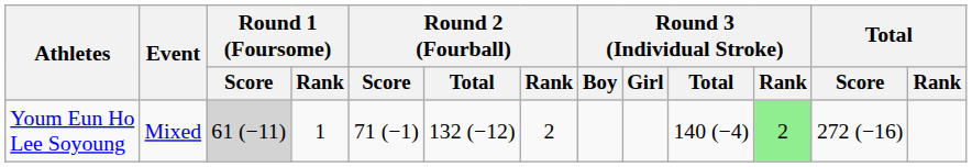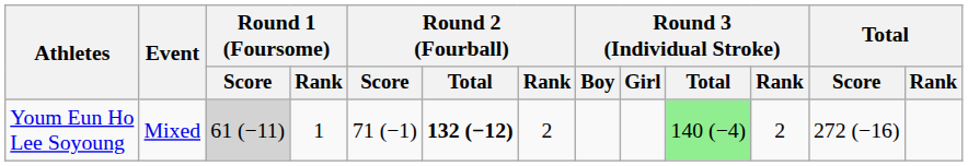 <table class="wikitable" style="font-size:90%">
 <tr>
 <th rowspan="2">Athletes</th>
 <th rowspan="2">Event</th>
 <th colspan="2">Round 1<br>(Foursome)</th>
 <th colspan="3">Round 2<br>(Fourball)</th>
 <th colspan="4">Round 3<br>(Individual Stroke)</th>
 <th colspan="2">Total</th>
 </tr>
 <tr style="font-size:95%">
 <th>Score</th>
 <th>Rank</th>
 <th>Score</th>
 <th>Total</th>
 <th>Rank</th>
 <th>Boy</th>
 <th>Girl</th>
 <th>Total</th>
 <th>Rank</th>
 <th>Score</th>
 <th>Rank</th>
 </tr>
 <tr align=center>
 <td align=left><a href='#'>Youm Eun Ho</a><br><a href='#'>Lee Soyoung</a></td>
 <td align=left><a href='#'>Mixed</a></td>
 <td style="background: lightgrey;">61 (−11)</td>
 <td>1</td>
 <td>71 (−1)</td>
-<td>132 (−12)</td>
+<td><strong>132 (−12)</strong></td>
 <td>2</td>
 <td></td>
 <td></td>
-<td>140 (−4)</td>
-<td style="background: lightgreen;">2</td>
+<td style="background: lightgreen;">140 (−4)</td>
+<td>2</td>
 <td>272 (−16)</td>
 <td></td>
 </tr>
 </table>
